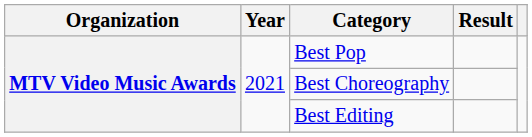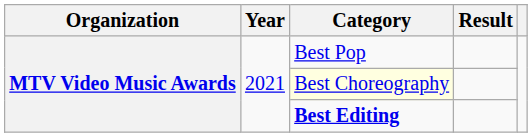 <table class="wikitable sortable plainrowheaders" style="border:none; margin:0;">
 <tr>
 <th scope="col">Organization</th>
 <th scope="col">Year</th>
 <th scope="col">Category</th>
 <th scope="col">Result</th>
 <th scope="col" class="unsortable"></th>
 </tr>
 <tr>
 <th rowspan="3" scope="row"><a href='#'>MTV Video Music Awards</a></th>
 <td rowspan="3"><a href='#'>2021</a></td>
 <td><a href='#'>Best Pop</a></td>
 <td></td>
 <td rowspan="3" style="text-align:center;"></td>
 </tr>
 <tr>
-<td><a href='#'>Best Choreography</a></td>
+<td style="background: lightyellow;"><a href='#'>Best Choreography</a></td>
 <td></td>
 </tr>
 <tr>
-<td><a href='#'>Best Editing</a></td>
+<td><strong><a href='#'>Best Editing</a></strong></td>
 <td></td>
 </tr>
 </table>
